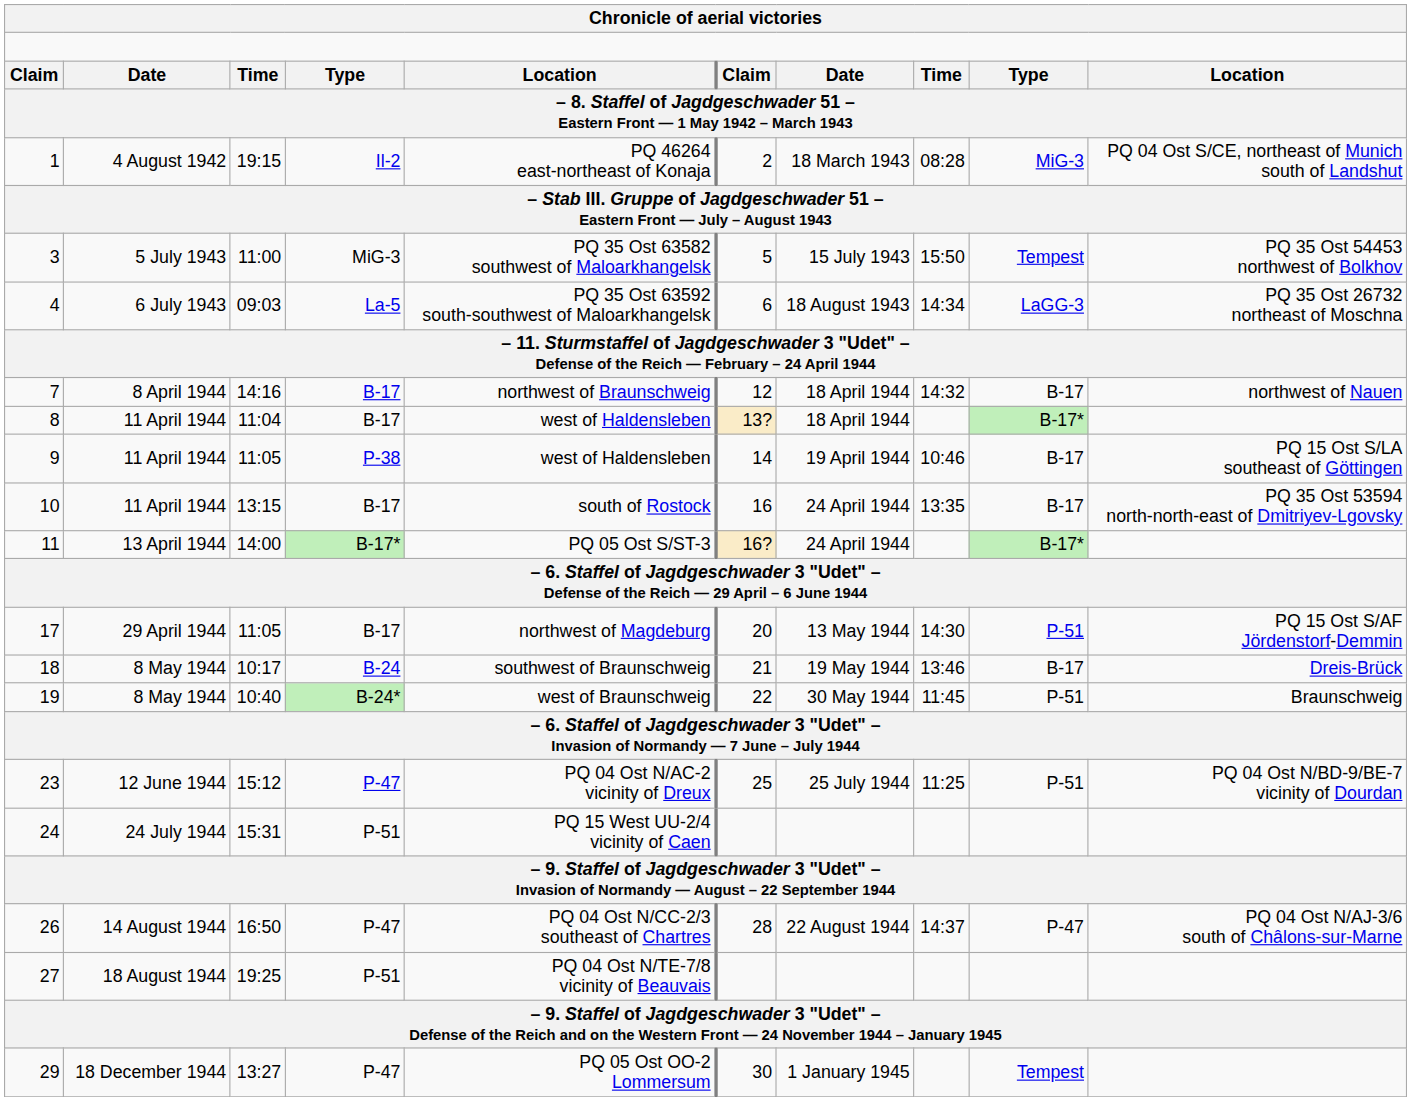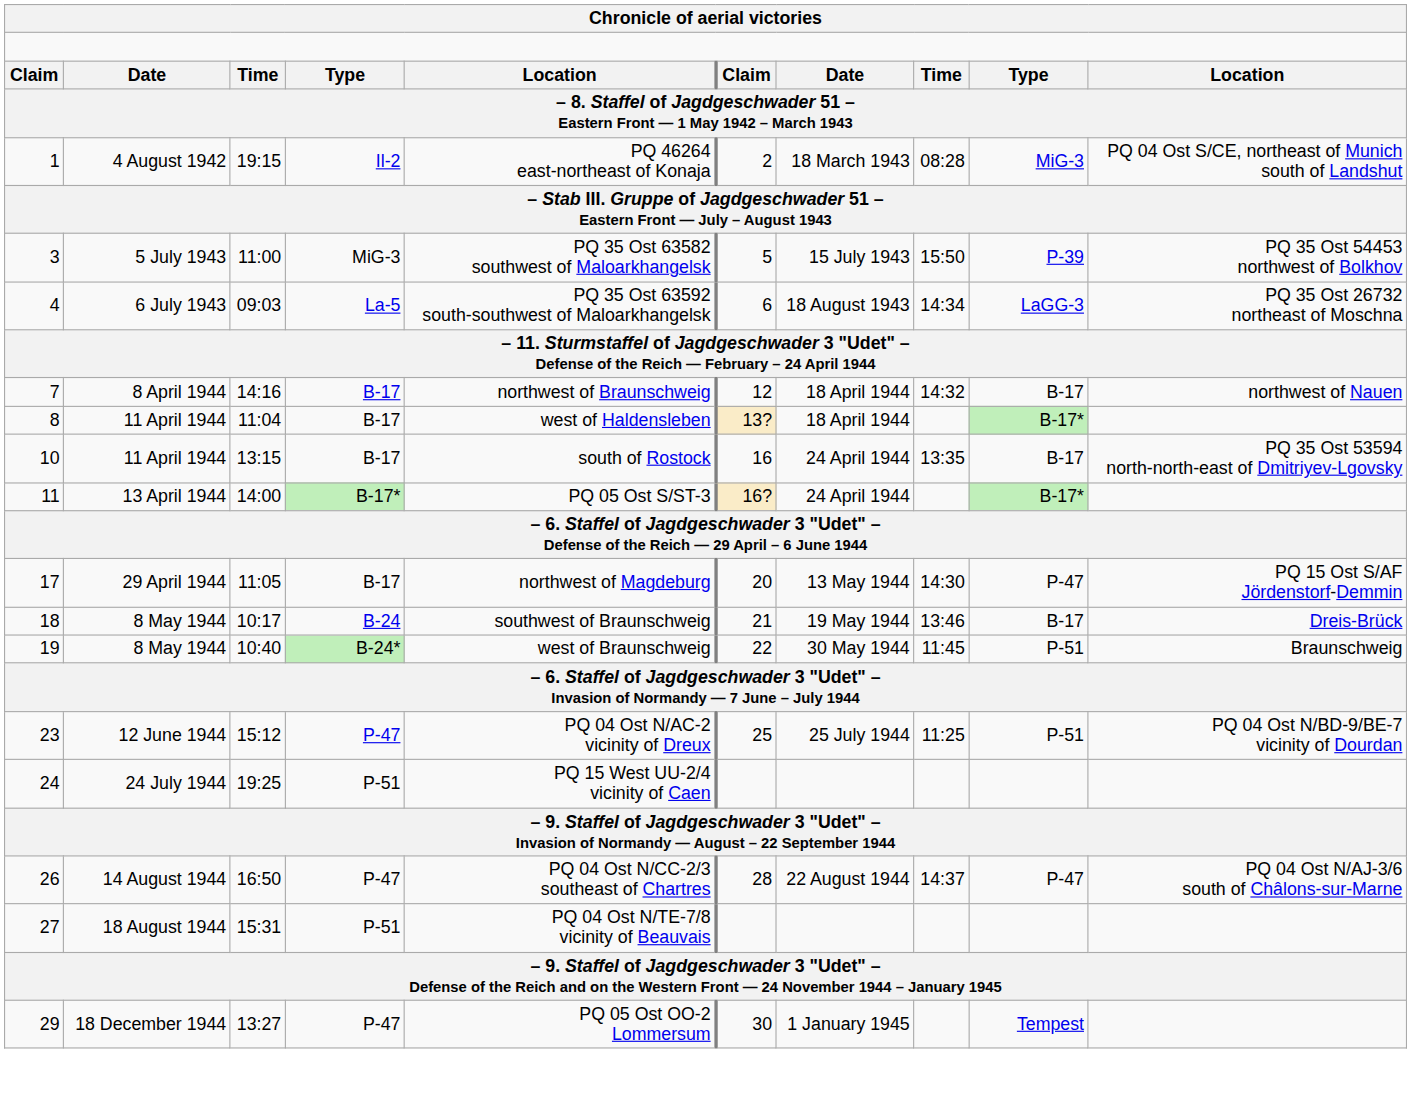 <table class="wikitable plainrowheaders collapsible" style="margin-left: auto; margin-right: auto; border: none; text-align:right; width: 100%;">
 <tr>
 <th colspan="10">Chronicle of aerial victories</th>
 </tr>
 <tr>
 <td colspan="10" style="text-align: left;"><br> </td>
 </tr>
 <tr>
 <th scope="col">Claim</th>
 <th scope="col">Date</th>
 <th scope="col">Time</th>
 <th scope="col" width="100px">Type</th>
 <th scope="col">Location</th>
 <th scope="col" style="border-left: 3px solid grey;">Claim</th>
 <th scope="col">Date</th>
 <th scope="col">Time</th>
 <th scope="col" width="100px">Type</th>
 <th scope="col">Location</th>
 </tr>
 <tr>
 <th colspan="10">– 8. <em>Staffel</em> of <em>Jagdgeschwader</em> 51 –<br><small>Eastern Front — 1 May 1942 – March 1943</small></th>
 </tr>
 <tr>
 <td>1</td>
 <td>4 August 1942</td>
 <td>19:15</td>
 <td><a href='#'>Il-2</a></td>
 <td>PQ 46264<br> east-northeast of Konaja</td>
 <td style="border-left: 3px solid grey;">2</td>
 <td>18 March 1943</td>
 <td>08:28</td>
 <td><a href='#'>MiG-3</a></td>
 <td>PQ 04 Ost S/CE, northeast of <a href='#'>Munich</a><br>south of <a href='#'>Landshut</a></td>
 </tr>
 <tr>
 <th colspan="10">– <em>Stab</em> III. <em>Gruppe</em> of <em>Jagdgeschwader</em> 51 –<br><small>Eastern Front — July – August 1943</small></th>
 </tr>
 <tr>
 <td>3</td>
 <td>5 July 1943</td>
 <td>11:00</td>
 <td>MiG-3</td>
 <td>PQ 35 Ost 63582<br> southwest of <a href='#'>Maloarkhangelsk</a></td>
 <td style="border-left: 3px solid grey;">5</td>
 <td>15 July 1943</td>
 <td>15:50</td>
-<td><a href='#'>Tempest</a></td>
+<td><a href='#'>P-39</a></td>
 <td>PQ 35 Ost 54453<br> northwest of <a href='#'>Bolkhov</a></td>
 </tr>
 <tr>
 <td>4</td>
 <td>6 July 1943</td>
 <td>09:03</td>
 <td><a href='#'>La-5</a></td>
 <td>PQ 35 Ost 63592<br> south-southwest of Maloarkhangelsk</td>
 <td style="border-left: 3px solid grey;">6</td>
 <td>18 August 1943</td>
 <td>14:34</td>
 <td><a href='#'>LaGG-3</a></td>
 <td>PQ 35 Ost 26732<br> northeast of Moschna</td>
 </tr>
 <tr>
 <th colspan="10">– 11. <em>Sturmstaffel</em> of <em>Jagdgeschwader</em> 3 "Udet"  –<br><small>Defense of the Reich — February – 24 April 1944</small></th>
 </tr>
 <tr>
 <td>7</td>
 <td>8 April 1944</td>
 <td>14:16</td>
 <td><a href='#'>B-17</a></td>
 <td>northwest of <a href='#'>Braunschweig</a></td>
 <td style="border-left: 3px solid grey;">12</td>
 <td>18 April 1944</td>
 <td>14:32</td>
 <td>B-17</td>
 <td>northwest of <a href='#'>Nauen</a></td>
 </tr>
 <tr>
 <td>8</td>
 <td>11 April 1944</td>
 <td>11:04</td>
 <td>B-17</td>
 <td> west of <a href='#'>Haldensleben</a></td>
 <td style="border-left: 3px solid grey; background:#faecc8">13?</td>
 <td>18 April 1944</td>
 <td></td>
 <td style="background:#C0EFBA">B-17*</td>
 <td></td>
 </tr>
 <tr>
-<td>9</td>
-<td>11 April 1944</td>
-<td>11:05</td>
-<td><a href='#'>P-38</a></td>
-<td> west of Haldensleben</td>
-<td style="border-left: 3px solid grey;">14</td>
-<td>19 April 1944</td>
-<td>10:46</td>
-<td>B-17</td>
-<td>PQ 15 Ost S/LA<br>southeast of <a href='#'>Göttingen</a></td>
-</tr>
-<tr>
 <td>10</td>
 <td>11 April 1944</td>
 <td>13:15</td>
 <td>B-17</td>
 <td> south of <a href='#'>Rostock</a></td>
 <td style="border-left: 3px solid grey;">16</td>
 <td>24 April 1944</td>
 <td>13:35</td>
 <td>B-17</td>
 <td>PQ 35 Ost 53594<br> north-north-east of <a href='#'>Dmitriyev-Lgovsky</a></td>
 </tr>
 <tr>
 <td>11</td>
 <td>13 April 1944</td>
 <td>14:00</td>
 <td style="background:#C0EFBA">B-17*</td>
 <td>PQ 05 Ost S/ST-3</td>
 <td style="border-left: 3px solid grey; background:#faecc8">16?</td>
 <td>24 April 1944</td>
 <td></td>
 <td style="background:#C0EFBA">B-17*</td>
 <td></td>
 </tr>
 <tr>
 <th colspan="10">– 6. <em>Staffel</em> of <em>Jagdgeschwader</em> 3 "Udet"  –<br><small>Defense of the Reich — 29 April – 6 June 1944</small></th>
 </tr>
 <tr>
 <td>17</td>
 <td>29 April 1944</td>
 <td>11:05</td>
 <td>B-17</td>
 <td>northwest of <a href='#'>Magdeburg</a></td>
 <td style="border-left: 3px solid grey;">20</td>
 <td>13 May 1944</td>
 <td>14:30</td>
-<td><a href='#'>P-51</a></td>
+<td>P-47</td>
 <td>PQ 15 Ost S/AF<br><a href='#'>Jördenstorf</a>-<a href='#'>Demmin</a></td>
 </tr>
 <tr>
 <td>18</td>
 <td>8 May 1944</td>
 <td>10:17</td>
 <td><a href='#'>B-24</a></td>
 <td>southwest of Braunschweig</td>
 <td style="border-left: 3px solid grey;">21</td>
 <td>19 May 1944</td>
 <td>13:46</td>
 <td>B-17</td>
 <td><a href='#'>Dreis-Brück</a></td>
 </tr>
 <tr>
 <td>19</td>
 <td>8 May 1944</td>
 <td>10:40</td>
 <td style="background:#C0EFBA">B-24*</td>
 <td>west of Braunschweig</td>
 <td style="border-left: 3px solid grey;">22</td>
 <td>30 May 1944</td>
 <td>11:45</td>
 <td>P-51</td>
 <td>Braunschweig</td>
 </tr>
 <tr>
 <th colspan="10">– 6. <em>Staffel</em> of <em>Jagdgeschwader</em> 3 "Udet"  –<br><small>Invasion of Normandy — 7 June – July 1944</small></th>
 </tr>
 <tr>
 <td>23</td>
 <td>12 June 1944</td>
 <td>15:12</td>
 <td><a href='#'>P-47</a></td>
 <td>PQ 04 Ost N/AC-2<br>vicinity of <a href='#'>Dreux</a></td>
 <td style="border-left: 3px solid grey;">25</td>
 <td>25 July 1944</td>
 <td>11:25</td>
 <td>P-51</td>
 <td>PQ 04 Ost N/BD-9/BE-7<br>vicinity of <a href='#'>Dourdan</a></td>
 </tr>
 <tr>
 <td>24</td>
 <td>24 July 1944</td>
-<td>15:31</td>
+<td>19:25</td>
 <td>P-51</td>
 <td>PQ 15 West UU-2/4<br>vicinity of <a href='#'>Caen</a></td>
 <td style="border-left: 3px solid grey;"></td>
 <td></td>
 <td></td>
 <td></td>
 <td></td>
 </tr>
 <tr>
 <th colspan="10">– 9. <em>Staffel</em> of <em>Jagdgeschwader</em> 3 "Udet"  –<br><small>Invasion of Normandy — August – 22 September 1944</small></th>
 </tr>
 <tr>
 <td>26</td>
 <td>14 August 1944</td>
 <td>16:50</td>
 <td>P-47</td>
 <td>PQ 04 Ost N/CC-2/3<br>southeast of <a href='#'>Chartres</a></td>
 <td style="border-left: 3px solid grey;">28</td>
 <td>22 August 1944</td>
 <td>14:37</td>
 <td>P-47</td>
 <td>PQ 04 Ost N/AJ-3/6<br>south of <a href='#'>Châlons-sur-Marne</a></td>
 </tr>
 <tr>
 <td>27</td>
 <td>18 August 1944</td>
-<td>19:25</td>
+<td>15:31</td>
 <td>P-51</td>
 <td>PQ 04 Ost N/TE-7/8<br>vicinity of <a href='#'>Beauvais</a></td>
 <td style="border-left: 3px solid grey;"></td>
 <td></td>
 <td></td>
 <td></td>
 <td></td>
 </tr>
 <tr>
 <th colspan="10">– 9. <em>Staffel</em> of <em>Jagdgeschwader</em> 3 "Udet"  –<br><small>Defense of the Reich and on the Western Front — 24 November 1944 – January 1945</small></th>
 </tr>
 <tr>
 <td>29</td>
 <td>18 December 1944</td>
 <td>13:27</td>
 <td>P-47</td>
 <td>PQ 05 Ost OO-2<br><a href='#'>Lommersum</a></td>
 <td style="border-left: 3px solid grey;">30</td>
 <td>1 January 1945</td>
 <td></td>
 <td><a href='#'>Tempest</a></td>
 <td></td>
 </tr>
 </table>
